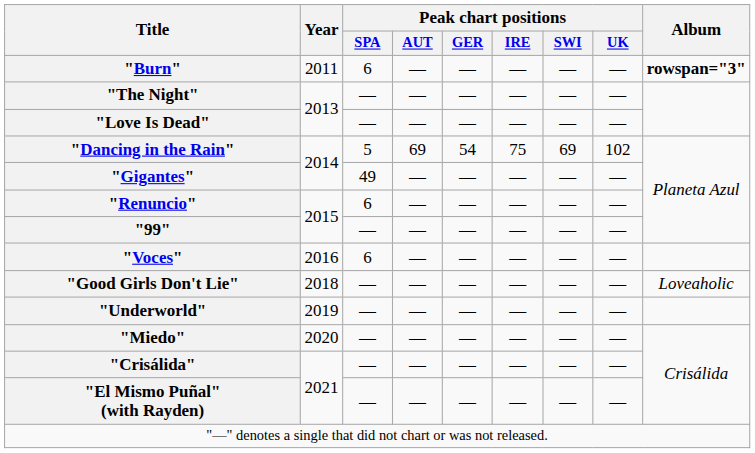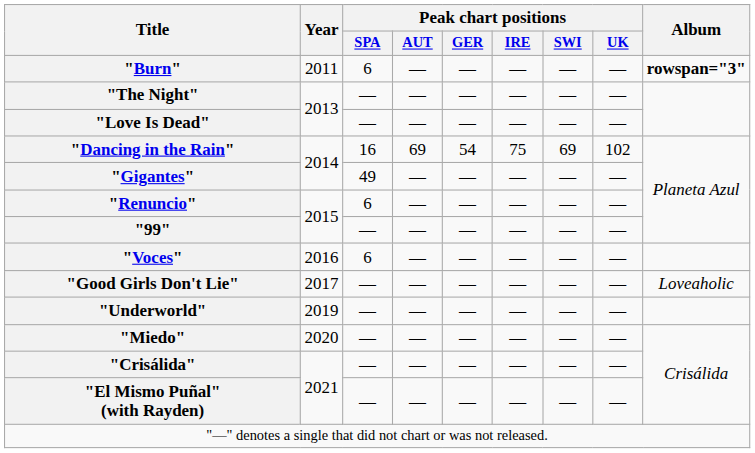 <table class="wikitable plainrowheaders" style="text-align:center;">
 <tr>
 <th scope="col" rowspan="2" style="width:17em;">Title</th>
 <th scope="col" rowspan="2" style="width:1em;">Year</th>
 <th scope="col" colspan="6">Peak chart positions</th>
 <th scope="col" rowspan="2">Album</th>
 </tr>
 <tr>
 <th scope="col" style="width:3em;font-size:85%;"><a href='#'>SPA</a><br></th>
 <th scope="col" style="width:3em;font-size:85%;"><a href='#'>AUT</a><br></th>
 <th scope="col" style="width:3em;font-size:85%;"><a href='#'>GER</a><br></th>
 <th scope="col" style="width:3em;font-size:85%;"><a href='#'>IRE</a><br></th>
 <th scope="col" style="width:3em;font-size:85%;"><a href='#'>SWI</a><br></th>
 <th scope="col" style="width:3em;font-size:85%;"><a href='#'>UK</a><br></th>
 </tr>
 <tr>
 <th scope="row">"<a href='#'>Burn</a>"</th>
 <td>2011</td>
 <td>6</td>
 <td>—</td>
 <td>—</td>
 <td>—</td>
 <td>—</td>
 <td>—</td>
 <td><strong>rowspan="3" </strong></td>
 </tr>
 <tr>
 <th scope="row">"The Night"</th>
 <td rowspan="2">2013</td>
 <td>—</td>
 <td>—</td>
 <td>—</td>
 <td>—</td>
 <td>—</td>
 <td>—</td>
 </tr>
 <tr>
 <th scope="row">"Love Is Dead"</th>
 <td>—</td>
 <td>—</td>
 <td>—</td>
 <td>—</td>
 <td>—</td>
 <td>—</td>
 </tr>
 <tr>
 <th scope="row">"<a href='#'>Dancing in the Rain</a>"</th>
 <td rowspan="2">2014</td>
-<td>5</td>
+<td>16</td>
 <td>69</td>
 <td>54</td>
 <td>75</td>
 <td>69</td>
 <td>102</td>
 <td rowspan="4"><em>Planeta Azul</em></td>
 </tr>
 <tr>
 <th scope="row">"<a href='#'>Gigantes</a>"</th>
 <td>49</td>
 <td>—</td>
 <td>—</td>
 <td>—</td>
 <td>—</td>
 <td>—</td>
 </tr>
 <tr>
 <th scope="row">"<a href='#'>Renuncio</a>"</th>
 <td rowspan="2">2015</td>
 <td>6</td>
 <td>—</td>
 <td>—</td>
 <td>—</td>
 <td>—</td>
 <td>—</td>
 </tr>
 <tr>
 <th scope="row">"99"</th>
 <td>—</td>
 <td>—</td>
 <td>—</td>
 <td>—</td>
 <td>—</td>
 <td>—</td>
 </tr>
 <tr>
 <th scope="row">"<a href='#'>Voces</a>"</th>
 <td>2016</td>
 <td>6</td>
 <td>—</td>
 <td>—</td>
 <td>—</td>
 <td>—</td>
 <td>—</td>
 <td></td>
 </tr>
 <tr>
 <th scope="row">"Good Girls Don't Lie"</th>
-<td>2018</td>
+<td>2017</td>
 <td>—</td>
 <td>—</td>
 <td>—</td>
 <td>—</td>
 <td>—</td>
 <td>—</td>
 <td><em>Loveaholic</em></td>
 </tr>
 <tr>
 <th scope="row">"Underworld"</th>
 <td>2019</td>
 <td>—</td>
 <td>—</td>
 <td>—</td>
 <td>—</td>
 <td>—</td>
 <td>—</td>
 <td></td>
 </tr>
 <tr>
 <th scope="row">"Miedo"</th>
 <td>2020</td>
 <td>—</td>
 <td>—</td>
 <td>—</td>
 <td>—</td>
 <td>—</td>
 <td>—</td>
 <td rowspan="3"><em>Crisálida</em></td>
 </tr>
 <tr>
 <th scope="row">"Crisálida"</th>
 <td rowspan="2">2021</td>
 <td>—</td>
 <td>—</td>
 <td>—</td>
 <td>—</td>
 <td>—</td>
 <td>—</td>
 </tr>
 <tr>
 <th scope="row">"El Mismo Puñal"<br><span>(with Rayden)</span></th>
 <td>—</td>
 <td>—</td>
 <td>—</td>
 <td>—</td>
 <td>—</td>
 <td>—</td>
 </tr>
 <tr>
 <td colspan="18" style="font-size:85%">"—" denotes a single that did not chart or was not released.</td>
 </tr>
 </table>
